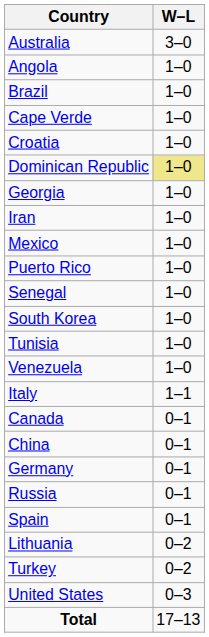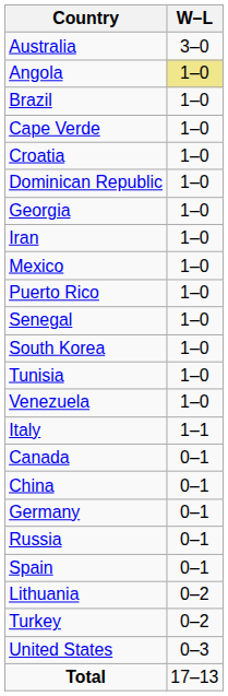 <table class="wikitable sortable collapsible collapsed" style="text-align: center; font-size: 100%;">
 <tr>
 <th>Country</th>
 <th>W–L</th>
 </tr>
 <tr>
 <td align=left> <a href='#'>Australia</a></td>
 <td>3–0</td>
 </tr>
 <tr>
 <td align=left> <a href='#'>Angola</a></td>
-<td>1–0</td>
+<td style="background: khaki;">1–0</td>
 </tr>
 <tr>
 <td align=left> <a href='#'>Brazil</a></td>
 <td>1–0</td>
 </tr>
 <tr>
 <td align=left> <a href='#'>Cape Verde</a></td>
 <td>1–0</td>
 </tr>
 <tr>
 <td align=left> <a href='#'>Croatia</a></td>
 <td>1–0</td>
 </tr>
 <tr>
 <td align=left> <a href='#'>Dominican Republic</a></td>
-<td style="background: khaki;">1–0</td>
+<td>1–0</td>
 </tr>
 <tr>
 <td align=left> <a href='#'>Georgia</a></td>
 <td>1–0</td>
 </tr>
 <tr>
 <td align=left> <a href='#'>Iran</a></td>
 <td>1–0</td>
 </tr>
 <tr>
 <td align=left> <a href='#'>Mexico</a></td>
 <td>1–0</td>
 </tr>
 <tr>
 <td align=left> <a href='#'>Puerto Rico</a></td>
 <td>1–0</td>
 </tr>
 <tr>
 <td align=left> <a href='#'>Senegal</a></td>
 <td>1–0</td>
 </tr>
 <tr>
 <td align=left> <a href='#'>South Korea</a></td>
 <td>1–0</td>
 </tr>
 <tr>
 <td align=left> <a href='#'>Tunisia</a></td>
 <td>1–0</td>
 </tr>
 <tr>
 <td align=left> <a href='#'>Venezuela</a></td>
 <td>1–0</td>
 </tr>
 <tr>
 <td align=left> <a href='#'>Italy</a></td>
 <td>1–1</td>
 </tr>
 <tr>
 <td align=left> <a href='#'>Canada</a></td>
 <td>0–1</td>
 </tr>
 <tr>
 <td align=left> <a href='#'>China</a></td>
 <td>0–1</td>
 </tr>
 <tr>
 <td align=left> <a href='#'>Germany</a></td>
 <td>0–1</td>
 </tr>
 <tr>
 <td align=left> <a href='#'>Russia</a></td>
 <td>0–1</td>
 </tr>
 <tr>
 <td align=left> <a href='#'>Spain</a></td>
 <td>0–1</td>
 </tr>
 <tr>
 <td align=left> <a href='#'>Lithuania</a></td>
 <td>0–2</td>
 </tr>
 <tr>
 <td align=left> <a href='#'>Turkey</a></td>
 <td>0–2</td>
 </tr>
 <tr>
 <td align=left> <a href='#'>United States</a></td>
 <td>0–3</td>
 </tr>
 <tr>
 <td><strong>Total</strong></td>
 <td>17–13</td>
 </tr>
 </table>
